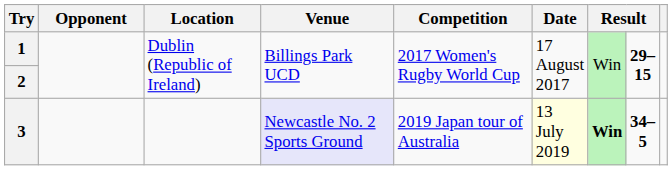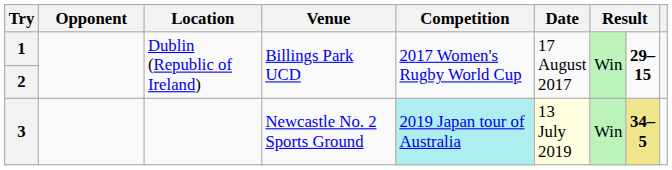 <table class="wikitable" style="font-size:96%">
 <tr>
 <th width=25px>Try</th>
 <th width=140px>Opponent</th>
 <th width=185px>Location</th>
 <th width=225px>Venue</th>
 <th width=200px>Competition</th>
 <th>Date</th>
 <th width=120px colspan=2>Result</th>
 <th></th>
 </tr>
 <tr>
 <th align=center>1</th>
 <td align=left rowspan=2></td>
 <td align=left rowspan=2><a href='#'>Dublin</a> (<a href='#'>Republic of Ireland</a>)</td>
 <td align=left rowspan=2><a href='#'>Billings Park UCD</a></td>
 <td align=left rowspan=2><a href='#'>2017 Women's Rugby World Cup</a></td>
 <td align=left rowspan=2>17 August 2017</td>
 <td align=center bgcolor=#BBF3BB rowspan=2>Win</td>
 <td align=center rowspan=2><strong>29–15</strong></td>
 <td align=center rowspan=2></td>
 </tr>
 <tr>
 <th align=center>2</th>
 </tr>
 <tr>
 <th align=center>3</th>
 <td align=left></td>
 <td align=left></td>
-<td align=left style="background: lavender;"><a href='#'>Newcastle No. 2 Sports Ground</a></td>
-<td align=left><a href='#'>2019 Japan tour of Australia</a></td>
+<td align=left><a href='#'>Newcastle No. 2 Sports Ground</a></td>
+<td align=left style="background: paleturquoise;"><a href='#'>2019 Japan tour of Australia</a></td>
 <td align=left style="background: lightyellow;">13 July 2019</td>
-<td align=center bgcolor=#BBF3BB><strong>Win</strong></td>
-<td align=center><strong>34–5</strong></td>
+<td align=center bgcolor=#BBF3BB>Win</td>
+<td align=center style="background: khaki;"><strong>34–5</strong></td>
 <td align=center></td>
 </tr>
 </table>
